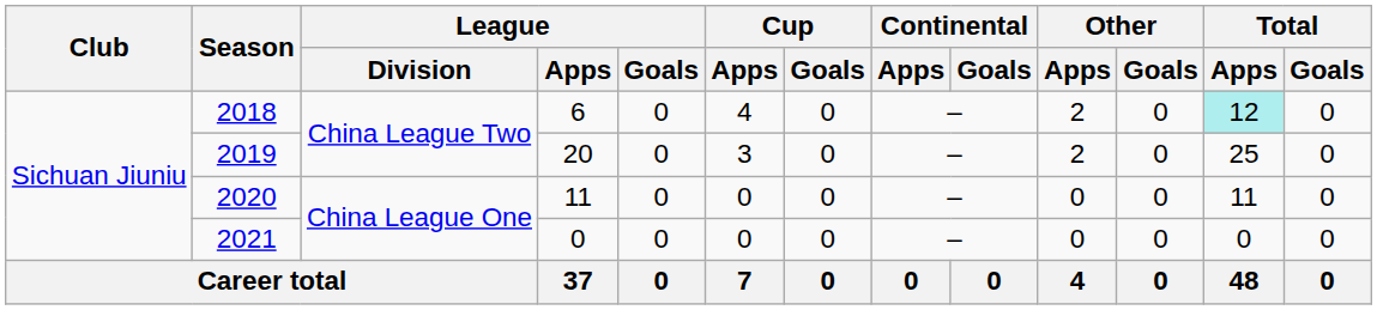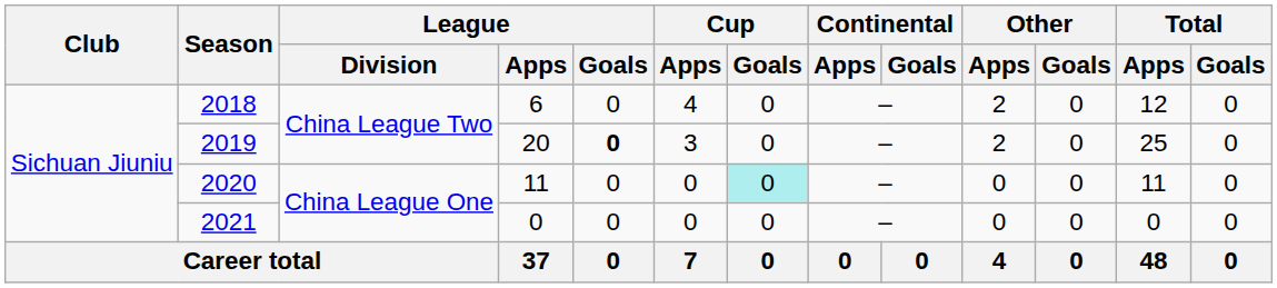 <table class="wikitable" style="text-align: center">
 <tr>
 <th rowspan="2">Club</th>
 <th rowspan="2">Season</th>
 <th colspan="3">League</th>
 <th colspan="2">Cup</th>
 <th colspan="2">Continental</th>
 <th colspan="2">Other</th>
 <th colspan="2">Total</th>
 </tr>
 <tr>
 <th>Division</th>
 <th>Apps</th>
 <th>Goals</th>
 <th>Apps</th>
 <th>Goals</th>
 <th>Apps</th>
 <th>Goals</th>
 <th>Apps</th>
 <th>Goals</th>
 <th>Apps</th>
 <th>Goals</th>
 </tr>
 <tr>
 <td rowspan="4"><a href='#'>Sichuan Jiuniu</a></td>
 <td><a href='#'>2018</a></td>
 <td rowspan="2"><a href='#'>China League Two</a></td>
 <td>6</td>
 <td>0</td>
 <td>4</td>
 <td>0</td>
 <td colspan="2">–</td>
 <td>2</td>
 <td>0</td>
-<td style="background: paleturquoise;">12</td>
+<td>12</td>
 <td>0</td>
 </tr>
 <tr>
 <td><a href='#'>2019</a></td>
 <td>20</td>
-<td>0</td>
+<td><strong>0</strong></td>
 <td>3</td>
 <td>0</td>
 <td colspan="2">–</td>
 <td>2</td>
 <td>0</td>
 <td>25</td>
 <td>0</td>
 </tr>
 <tr>
 <td><a href='#'>2020</a></td>
 <td rowspan="2"><a href='#'>China League One</a></td>
 <td>11</td>
 <td>0</td>
 <td>0</td>
-<td>0</td>
+<td style="background: paleturquoise;">0</td>
 <td colspan="2">–</td>
 <td>0</td>
 <td>0</td>
 <td>11</td>
 <td>0</td>
 </tr>
 <tr>
 <td><a href='#'>2021</a></td>
 <td>0</td>
 <td>0</td>
 <td>0</td>
 <td>0</td>
 <td colspan="2">–</td>
 <td>0</td>
 <td>0</td>
 <td>0</td>
 <td>0</td>
 </tr>
 <tr>
 <th colspan=3>Career total</th>
 <th>37</th>
 <th>0</th>
 <th>7</th>
 <th>0</th>
 <th>0</th>
 <th>0</th>
 <th>4</th>
 <th>0</th>
 <th>48</th>
 <th>0</th>
 </tr>
 </table>
